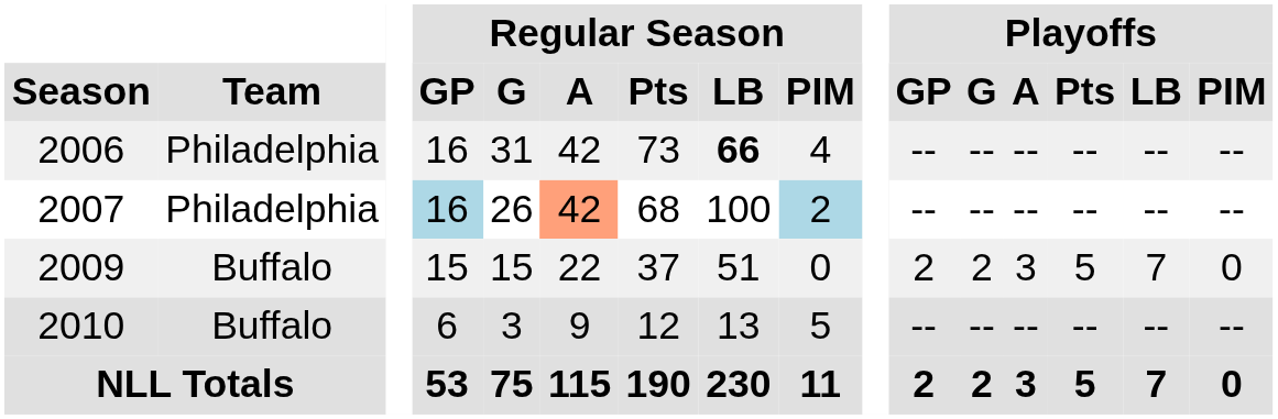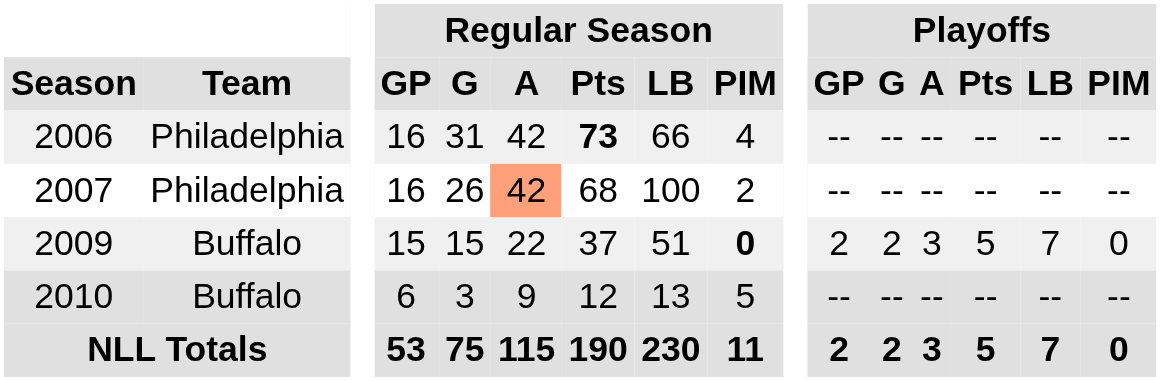 <table BORDER="0" CELLPADDING="3" CELLSPACING="0">
 <tr ALIGN="center" bgcolor="#e0e0e0">
 <th colspan="2" bgcolor="#ffffff"> </th>
 <th rowspan="99" bgcolor="#ffffff"> </th>
 <th colspan="6">Regular Season</th>
 <th rowspan="99" bgcolor="#ffffff"> </th>
 <th colspan="6">Playoffs</th>
 </tr>
 <tr ALIGN="center" bgcolor="#e0e0e0">
 <th>Season</th>
 <th>Team</th>
 <th>GP</th>
 <th>G</th>
 <th>A</th>
 <th>Pts</th>
 <th>LB</th>
 <th>PIM</th>
 <th>GP</th>
 <th>G</th>
 <th>A</th>
 <th>Pts</th>
 <th>LB</th>
 <th>PIM</th>
 </tr>
 <tr ALIGN="center" bgcolor="#f0f0f0">
 <td>2006</td>
 <td>Philadelphia</td>
 <td>16</td>
 <td>31</td>
 <td>42</td>
-<td>73</td>
-<td><strong>66</strong></td>
+<td><strong>73</strong></td>
+<td>66</td>
 <td>4</td>
 <td>--</td>
 <td>--</td>
 <td>--</td>
 <td>--</td>
 <td>--</td>
 <td>--</td>
 </tr>
 <tr ALIGN="center">
 <td>2007</td>
 <td>Philadelphia</td>
-<td style="background: lightblue;">16</td>
+<td>16</td>
 <td>26</td>
 <td style="background: lightsalmon;">42</td>
 <td>68</td>
 <td>100</td>
-<td style="background: lightblue;">2</td>
+<td>2</td>
 <td>--</td>
 <td>--</td>
 <td>--</td>
 <td>--</td>
 <td>--</td>
 <td>--</td>
 </tr>
 <tr ALIGN="center" bgcolor="#f0f0f0">
 <td>2009</td>
 <td>Buffalo</td>
 <td>15</td>
 <td>15</td>
 <td>22</td>
 <td>37</td>
 <td>51</td>
-<td>0</td>
+<td><strong>0</strong></td>
 <td>2</td>
 <td>2</td>
 <td>3</td>
 <td>5</td>
 <td>7</td>
 <td>0</td>
 </tr>
 <tr ALIGN="center" bgcolor="#e0e0e0">
 <td>2010</td>
 <td>Buffalo</td>
 <td>6</td>
 <td>3</td>
 <td>9</td>
 <td>12</td>
 <td>13</td>
 <td>5</td>
 <td>--</td>
 <td>--</td>
 <td>--</td>
 <td>--</td>
 <td>--</td>
 <td>--</td>
 </tr>
 <tr ALIGN="center" bgcolor="#e0e0e0">
 <th colspan="2">NLL Totals</th>
 <th>53</th>
 <th>75</th>
 <th>115</th>
 <th>190</th>
 <th>230</th>
 <th>11</th>
 <th>2</th>
 <th>2</th>
 <th>3</th>
 <th>5</th>
 <th>7</th>
 <th>0</th>
 </tr>
 </table>
